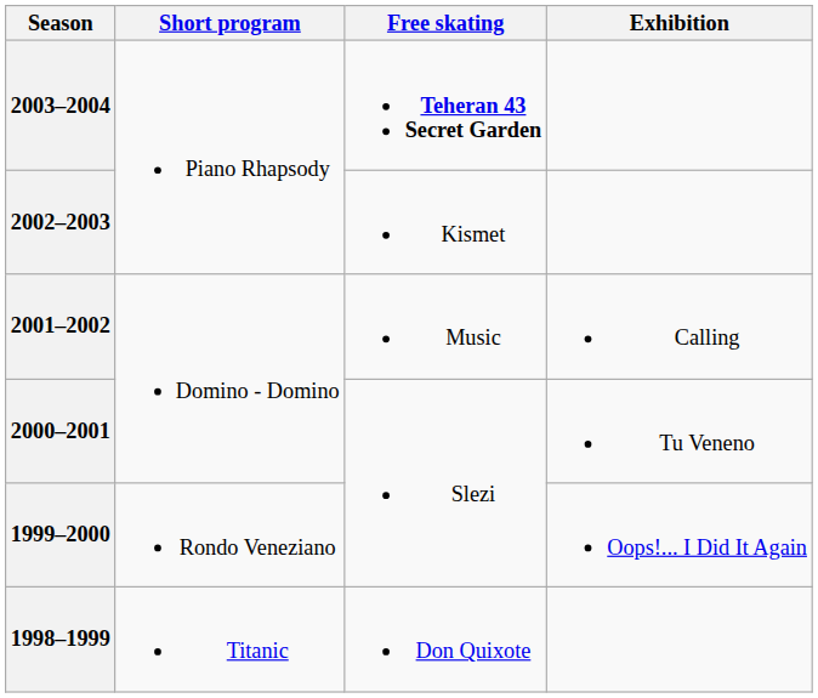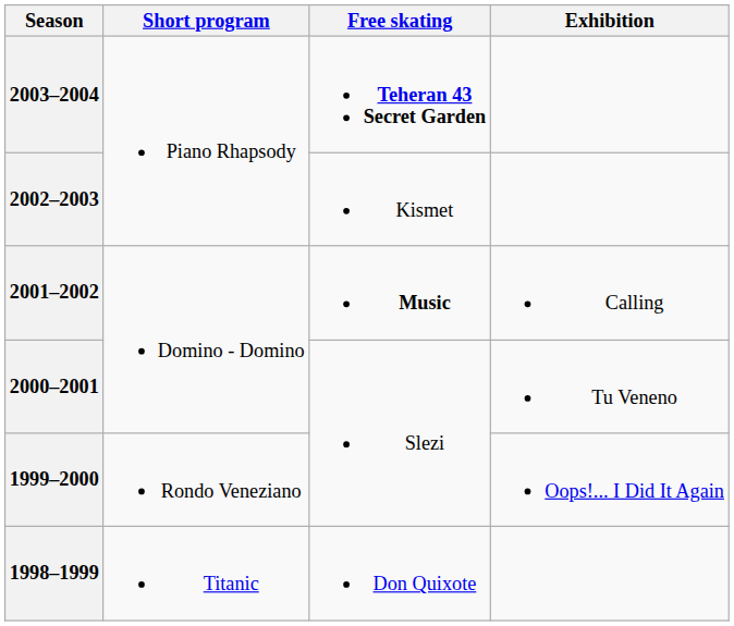 <table class=wikitable style=text-align:center>
 <tr>
 <th>Season</th>
 <th><a href='#'>Short program</a></th>
 <th><a href='#'>Free skating</a></th>
 <th>Exhibition</th>
 </tr>
 <tr>
 <th>2003–2004 <br> </th>
 <td rowspan=2><br><ul><li>Piano Rhapsody</li></ul></td>
 <td><strong><br><ul><li><a href='#'>Teheran 43</a></li><li>Secret Garden <br></li></ul></strong></td>
 <td></td>
 </tr>
 <tr>
 <th>2002–2003 <br> </th>
 <td><br><ul><li>Kismet <br></li></ul></td>
 <td></td>
 </tr>
 <tr>
 <th>2001–2002 <br> </th>
 <td rowspan=2><br><ul><li>Domino - Domino <br></li></ul></td>
-<td><br><ul><li>Music <br></li></ul></td>
+<td><strong><br><ul><li>Music <br></li></ul></strong></td>
 <td><br><ul><li>Calling <br></li></ul></td>
 </tr>
 <tr>
 <th>2000–2001 <br> </th>
 <td rowspan=2><br><ul><li>Slezi <br></li></ul></td>
 <td><br><ul><li>Tu Veneno <br></li></ul></td>
 </tr>
 <tr>
 <th>1999–2000 <br> </th>
 <td><br><ul><li>Rondo Veneziano</li></ul></td>
 <td><br><ul><li><a href='#'>Oops!... I Did It Again</a> <br></li></ul></td>
 </tr>
 <tr>
 <th>1998–1999 <br> </th>
 <td><br><ul><li><a href='#'>Titanic</a> <br></li></ul></td>
 <td><br><ul><li><a href='#'>Don Quixote</a> <br></li></ul></td>
 <td></td>
 </tr>
 </table>
